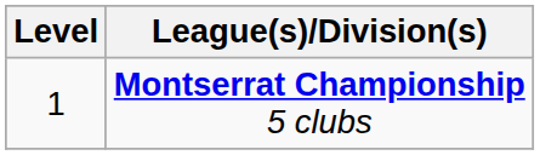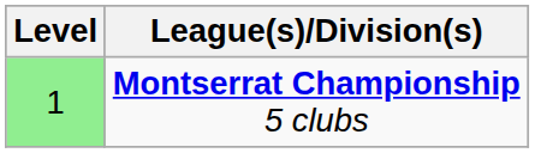 <table class="wikitable" style="text-align: center;">
 <tr>
 <th>Level</th>
 <th colspan="12">League(s)/Division(s)</th>
 </tr>
 <tr>
-<td>1</td>
+<td style="background: lightgreen;">1</td>
 <td colspan="12"><strong><a href='#'>Montserrat Championship</a></strong><br><em>5 clubs</em></td>
 </tr>
 </table>
